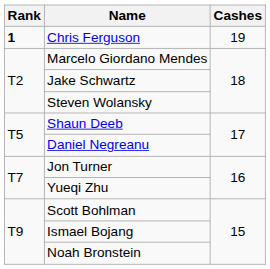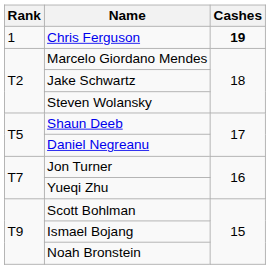 <table class="wikitable" style="display: inline-table;">
 <tr>
 <th>Rank</th>
 <th>Name</th>
 <th>Cashes</th>
 </tr>
 <tr>
-<td><strong>1</strong></td>
+<td>1</td>
 <td> <a href='#'>Chris Ferguson</a></td>
-<td align=center>19</td>
+<td align=center><strong>19</strong></td>
 </tr>
 <tr>
 <td rowspan=3>T2</td>
 <td> Marcelo Giordano Mendes</td>
 <td rowspan=3 align=center>18</td>
 </tr>
 <tr>
 <td> Jake Schwartz</td>
 </tr>
 <tr>
 <td> Steven Wolansky</td>
 </tr>
 <tr>
 <td rowspan=2>T5</td>
 <td> <a href='#'>Shaun Deeb</a></td>
 <td rowspan=2 align=center>17</td>
 </tr>
 <tr>
 <td> <a href='#'>Daniel Negreanu</a></td>
 </tr>
 <tr>
 <td rowspan=2>T7</td>
 <td> Jon Turner</td>
 <td rowspan=2 align=center>16</td>
 </tr>
 <tr>
 <td> Yueqi Zhu</td>
 </tr>
 <tr>
 <td rowspan=3>T9</td>
 <td> Scott Bohlman</td>
 <td rowspan=3 align=center>15</td>
 </tr>
 <tr>
 <td> Ismael Bojang</td>
 </tr>
 <tr>
 <td> Noah Bronstein</td>
 </tr>
 </table>
